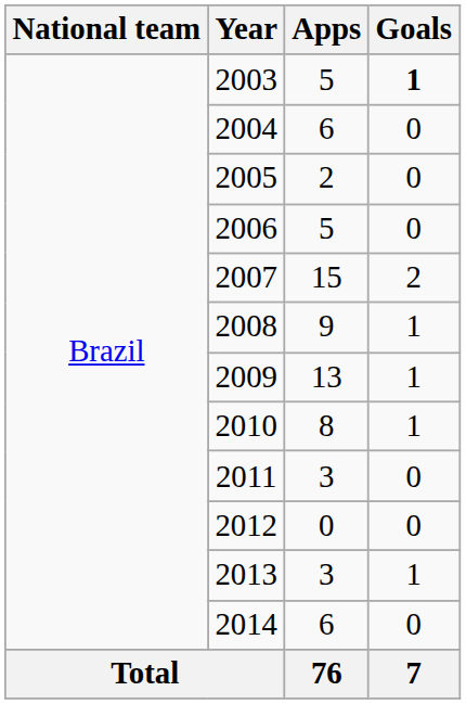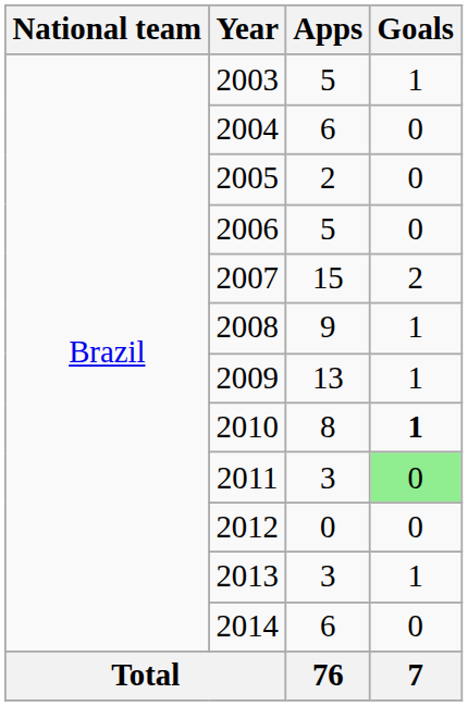 <table class=wikitable style="text-align: center;">
 <tr>
 <th>National team</th>
 <th>Year</th>
 <th>Apps</th>
 <th>Goals</th>
 </tr>
 <tr>
 <td rowspan=12><a href='#'>Brazil</a></td>
 <td>2003</td>
 <td>5</td>
-<td><strong>1</strong></td>
+<td>1</td>
 </tr>
 <tr>
 <td>2004</td>
 <td>6</td>
 <td>0</td>
 </tr>
 <tr>
 <td>2005</td>
 <td>2</td>
 <td>0</td>
 </tr>
 <tr>
 <td>2006</td>
 <td>5</td>
 <td>0</td>
 </tr>
 <tr>
 <td>2007</td>
 <td>15</td>
 <td>2</td>
 </tr>
 <tr>
 <td>2008</td>
 <td>9</td>
 <td>1</td>
 </tr>
 <tr>
 <td>2009</td>
 <td>13</td>
 <td>1</td>
 </tr>
 <tr>
 <td>2010</td>
 <td>8</td>
-<td>1</td>
+<td><strong>1</strong></td>
 </tr>
 <tr>
 <td>2011</td>
 <td>3</td>
-<td>0</td>
+<td style="background: lightgreen;">0</td>
 </tr>
 <tr>
 <td>2012</td>
 <td>0</td>
 <td>0</td>
 </tr>
 <tr>
 <td>2013</td>
 <td>3</td>
 <td>1</td>
 </tr>
 <tr>
 <td>2014</td>
 <td>6</td>
 <td>0</td>
 </tr>
 <tr>
 <th colspan=2>Total</th>
 <th>76</th>
 <th>7</th>
 </tr>
 </table>
